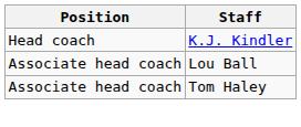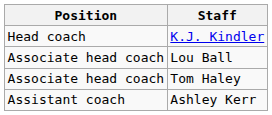 <table class="wikitable plainrowheaders sortable">
 <tr>
 <th scope="col" class="unsortable">Position</th>
 <th scope="col" class="unsortable">Staff</th>
 </tr>
 <tr>
 <td>Head coach</td>
 <td><a href='#'>K.J. Kindler</a></td>
 </tr>
 <tr>
 <td>Associate head coach</td>
 <td>Lou Ball</td>
 </tr>
 <tr>
 <td>Associate head coach</td>
 <td>Tom Haley</td>
 </tr>
+<tr>
+<td>Assistant coach</td>
+<td>Ashley Kerr</td>
+</tr>
 </table>
